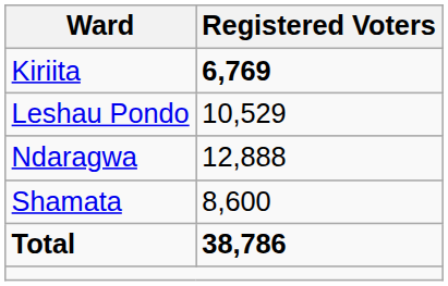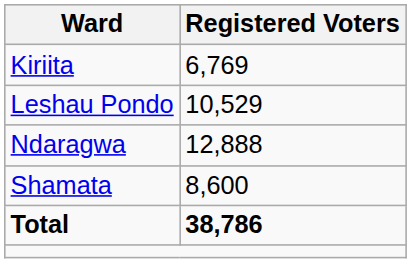 <table class="wikitable">
 <tr>
 <th>Ward</th>
 <th>Registered Voters</th>
 </tr>
 <tr>
 <td><a href='#'>Kiriita</a></td>
-<td><strong>6,769</strong></td>
+<td>6,769</td>
 </tr>
 <tr>
 <td><a href='#'>Leshau Pondo</a></td>
 <td>10,529</td>
 </tr>
 <tr>
 <td><a href='#'>Ndaragwa</a></td>
 <td>12,888</td>
 </tr>
 <tr>
 <td><a href='#'>Shamata</a></td>
 <td>8,600</td>
 </tr>
 <tr>
 <td><strong>Total</strong></td>
 <td><strong>38,786</strong></td>
 </tr>
 <tr>
 <td colspan="2"></td>
 </tr>
 </table>
